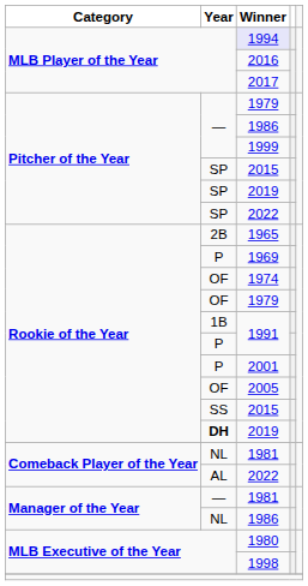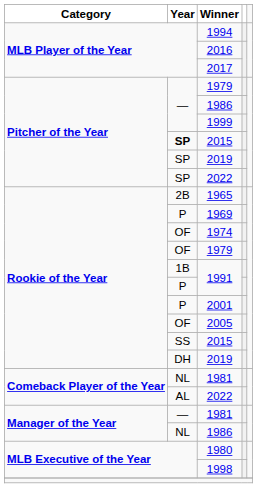 <table class="wikitable sortable plainrowheaders" style="font-size: 90%; style="text-align:center">
 <tr>
 <th scope="col" style="background-color:#ffffff; border-top:#">Category</th>
 <th scope="col" style="background-color:#ffffff; border-top:#">Year</th>
 <th scope="col" style="background-color:#ffffff; border-top:#">Winner</th>
 <th scope="col" class="unsortable" style="background-color:#ffffff; border-top:#"></th>
 </tr>
 <tr>
 <td scope="row" rowspan="3" colspan="2" style="text-align:left"><strong><a href='#'>MLB Player of the Year</a></strong></td>
-<td style="background: lavender; text-align:center"><a href='#'>1994</a></td>
+<td style="text-align:center"><a href='#'>1994</a></td>
 <th scope="row" style="text-align:center"><strong></strong></th>
 <td rowspan="3" style="text-align:center"></td>
 </tr>
 <tr>
 <td style="text-align:center"><a href='#'>2016</a></td>
 <th scope="row" rowspan="2" style="text-align:center"><strong></strong></th>
 </tr>
 <tr>
 <td style="text-align:center"><a href='#'>2017</a></td>
 </tr>
 <tr>
 <td scope="row" rowspan="6" style="text-align:left"><strong><a href='#'>Pitcher of the Year</a></strong></td>
 <td style="text-align:center" rowspan="3">—</td>
 <td style="text-align:center"><a href='#'>1979</a></td>
 <th scope="row" style="text-align:center"><strong></strong></th>
 <td rowspan="6" style="text-align:center"></td>
 </tr>
 <tr>
 <td style="text-align:center"><a href='#'>1986</a></td>
 <th scope="row" style="text-align:center"><strong></strong></th>
 </tr>
 <tr>
 <td style="text-align:center"><a href='#'>1999</a></td>
 <th scope="row" style="text-align:center"><strong></strong></th>
 </tr>
 <tr>
-<td style="text-align:center">SP</td>
+<td style="text-align:center"><strong>SP</strong></td>
 <td style="text-align:center"><a href='#'>2015</a></td>
 <th scope="row" style="text-align:center"><strong></strong></th>
 </tr>
 <tr>
 <td style="text-align:center">SP</td>
 <td style="text-align:center"><a href='#'>2019</a></td>
 <th scope="row" style="text-align:center"><strong></strong></th>
 </tr>
 <tr>
 <td style="text-align:center">SP</td>
 <td style="text-align:center"><a href='#'>2022</a></td>
 <th scope="row" style="text-align:center"><strong></strong></th>
 </tr>
 <tr>
 <td scope="row" rowspan="10" style="text-align:left"><strong><a href='#'>Rookie of the Year</a></strong></td>
 <td style="text-align:center">2B</td>
 <td style="text-align:center"><a href='#'>1965</a></td>
 <th scope="row" style="text-align:center"><strong></strong></th>
 <td rowspan="10" style="text-align:center"><br></td>
 </tr>
 <tr>
 <td style="text-align:center">P</td>
 <td style="text-align:center"><a href='#'>1969</a></td>
 <th scope="row" style="text-align:center"><strong></strong></th>
 </tr>
 <tr>
 <td style="text-align:center">OF</td>
 <td style="text-align:center"><a href='#'>1974</a></td>
 <th scope="row" style="text-align:center"><strong></strong></th>
 </tr>
 <tr>
 <td style="text-align:center">OF</td>
 <td style="text-align:center"><a href='#'>1979</a></td>
 <th scope="row" style="text-align:center"><strong></strong></th>
 </tr>
 <tr>
 <td style="text-align:center">1B</td>
 <td style="text-align:center" rowspan="2"><a href='#'>1991</a></td>
 <th scope="row" style="text-align:center"><strong></strong></th>
 </tr>
 <tr>
 <td style="text-align:center">P</td>
 <th scope="row" style="text-align:center"><strong></strong></th>
 </tr>
 <tr>
 <td style="text-align:center">P</td>
 <td style="text-align:center"><a href='#'>2001</a></td>
 <th scope="row" style="text-align:center"><strong></strong></th>
 </tr>
 <tr>
 <td style="text-align:center">OF</td>
 <td style="text-align:center"><a href='#'>2005</a></td>
 <th scope="row" style="text-align:center"><strong></strong></th>
 </tr>
 <tr>
 <td style="text-align:center">SS</td>
 <td style="text-align:center"><a href='#'>2015</a></td>
 <th scope="row" style="text-align:center"><strong></strong></th>
 </tr>
 <tr>
-<td style="text-align:center"><strong>DH</strong></td>
+<td style="text-align:center">DH</td>
 <td style="text-align:center"><a href='#'>2019</a></td>
 <th scope="row" style="text-align:center"><strong></strong></th>
 </tr>
 <tr>
 <td scope="row" rowspan="2" style="text-align:left"><strong><a href='#'>Comeback Player of the Year</a></strong></td>
 <td style="text-align:center">NL</td>
 <td style="text-align:center"><a href='#'>1981</a></td>
 <th scope="row" style="text-align:center"><strong></strong></th>
 <td rowspan="2" style="text-align:center"></td>
 </tr>
 <tr>
 <td style="text-align:center">AL</td>
 <td style="text-align:center"><a href='#'>2022</a></td>
 <th scope="row" style="text-align:center"><strong></strong></th>
 </tr>
 <tr>
 <td scope="row" rowspan="2" style="text-align:left"><strong><a href='#'>Manager of the Year</a></strong></td>
 <td style="text-align:center">—</td>
 <td style="text-align:center"><a href='#'>1981</a></td>
 <th scope="row" style="text-align:center"><strong></strong></th>
 <td rowspan="2" style="text-align:center"></td>
 </tr>
 <tr>
 <td style="text-align:center">NL</td>
 <td style="text-align:center"><a href='#'>1986</a></td>
 <th scope="row" style="text-align:center"><strong></strong></th>
 </tr>
 <tr>
 <td scope="row" rowspan="2" colspan="2" style="text-align:left"><strong><a href='#'>MLB Executive of the Year</a></strong></td>
 <td style="text-align:center"><a href='#'>1980</a></td>
 <th scope="row" style="text-align:center"><strong></strong></th>
 <td rowspan="2" style="text-align:center"></td>
 </tr>
 <tr>
 <td style="text-align:center"><a href='#'>1998</a></td>
 <th scope="row" style="text-align:center"><strong></strong></th>
 </tr>
 <tr>
 </tr>
 <tr class="sortbottom">
 <td style="text-align:right"; colspan="5"></td>
 </tr>
 </table>
